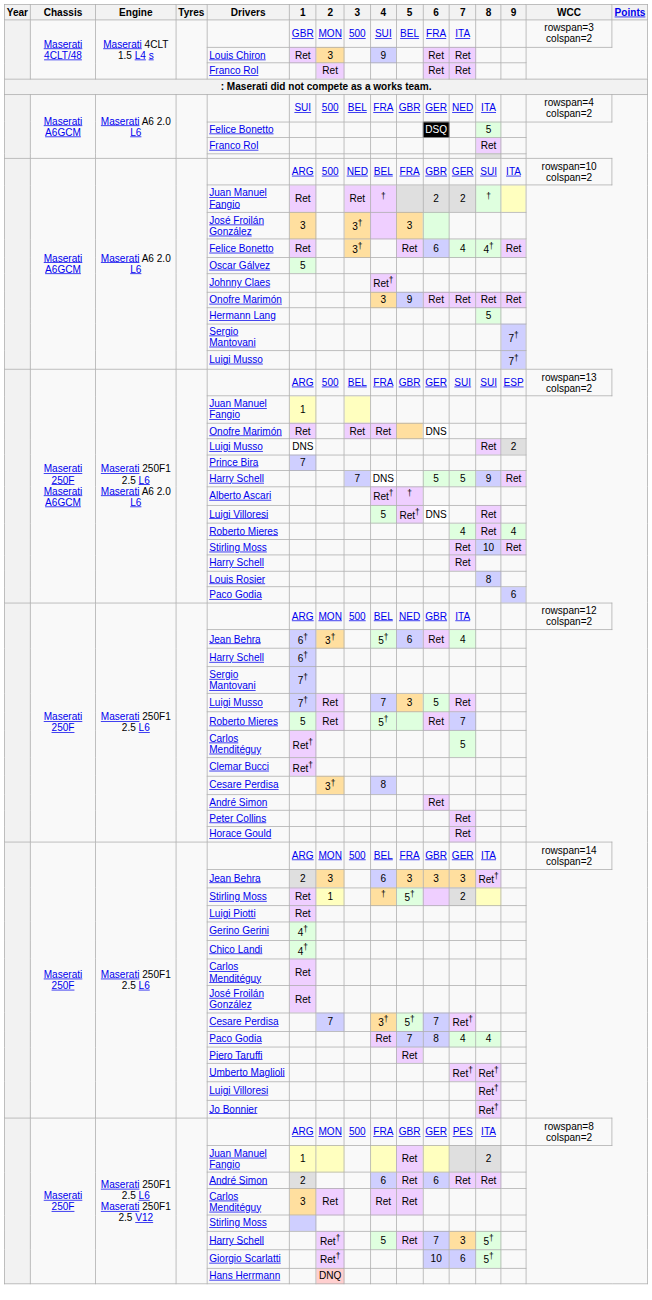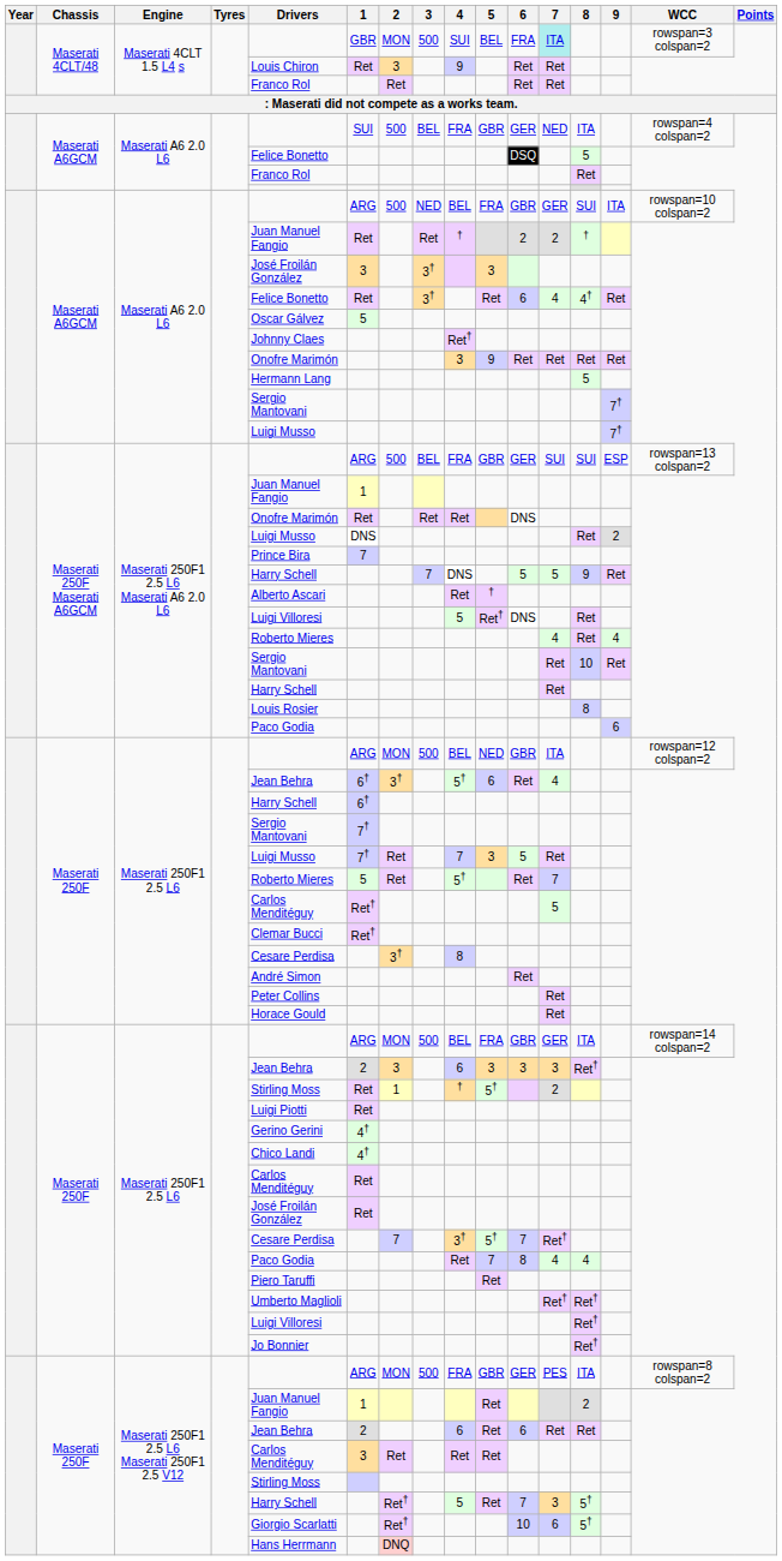 <table class="wikitable" style="text-align:center; font-size:85%">
 <tr>
 <th>Year</th>
 <th>Chassis</th>
 <th>Engine</th>
 <th>Tyres</th>
 <th>Drivers</th>
 <th>1</th>
 <th>2</th>
 <th>3</th>
 <th>4</th>
 <th>5</th>
 <th>6</th>
 <th>7</th>
 <th>8</th>
 <th>9</th>
 <th>WCC</th>
 <th><a href='#'>Points</a></th>
 </tr>
 <tr>
 <th rowspan=3></th>
 <td rowspan=3><a href='#'>Maserati 4CLT/48</a></td>
 <td rowspan=3><a href='#'>Maserati</a> 4CLT 1.5 <a href='#'>L4</a> <a href='#'>s</a></td>
 <td rowspan=3></td>
 <td></td>
 <td><a href='#'>GBR</a></td>
 <td><a href='#'>MON</a></td>
 <td><a href='#'>500</a></td>
 <td><a href='#'>SUI</a></td>
 <td><a href='#'>BEL</a></td>
 <td><a href='#'>FRA</a></td>
-<td><a href='#'>ITA</a></td>
+<td style="background: paleturquoise;"><a href='#'>ITA</a></td>
 <td></td>
 <td></td>
 <td>rowspan=3 colspan=2 </td>
 </tr>
 <tr>
 <td align="left"> <a href='#'>Louis Chiron</a></td>
 <td style="background:#EFCFFF;">Ret</td>
 <td style="background:#FFDF9F;">3</td>
 <td></td>
 <td style="background:#CFCFFF;">9</td>
 <td></td>
 <td style="background:#EFCFFF;">Ret</td>
 <td style="background:#EFCFFF;">Ret</td>
 <td></td>
 <td></td>
 </tr>
 <tr>
 <td align="left"> <a href='#'>Franco Rol</a></td>
 <td></td>
 <td style="background:#EFCFFF;">Ret</td>
 <td></td>
 <td></td>
 <td></td>
 <td style="background:#EFCFFF;">Ret</td>
 <td style="background:#EFCFFF;">Ret</td>
 <td></td>
 <td></td>
 </tr>
 <tr>
 <th colspan="16" align=center>: Maserati did not compete as a works team.</th>
 </tr>
 <tr>
 <th rowspan=4></th>
 <td rowspan=4><a href='#'>Maserati A6GCM</a></td>
 <td rowspan=4><a href='#'>Maserati</a> A6 2.0 <a href='#'>L6</a></td>
 <td rowspan=4></td>
 <td></td>
 <td><a href='#'>SUI</a></td>
 <td><a href='#'>500</a></td>
 <td><a href='#'>BEL</a></td>
 <td><a href='#'>FRA</a></td>
 <td><a href='#'>GBR</a></td>
 <td><a href='#'>GER</a></td>
 <td><a href='#'>NED</a></td>
 <td><a href='#'>ITA</a></td>
 <td></td>
 <td>rowspan=4 colspan=2 </td>
 </tr>
 <tr>
 <td align="left"> <a href='#'>Felice Bonetto</a></td>
 <td></td>
 <td></td>
 <td></td>
 <td></td>
 <td></td>
 <td style="background:#000000; color:#ffffff">DSQ</td>
 <td></td>
 <td style="background:#DFFFDF;">5</td>
 <td></td>
 </tr>
 <tr>
 <td align="left"> <a href='#'>Franco Rol</a></td>
 <td></td>
 <td></td>
 <td></td>
 <td></td>
 <td></td>
 <td></td>
 <td></td>
 <td style="background:#EFCFFF;">Ret</td>
 <td></td>
 </tr>
 <tr>
 <td align="left"></td>
 <td></td>
 <td></td>
 <td></td>
 <td></td>
 <td></td>
 <td></td>
 <td></td>
 <td style="background:#DFDFDF;"></td>
 <td></td>
 </tr>
 <tr>
 <th rowspan=10></th>
 <td rowspan=10><a href='#'>Maserati A6GCM</a></td>
 <td rowspan=10><a href='#'>Maserati</a> A6 2.0 <a href='#'>L6</a></td>
 <td rowspan=10></td>
 <td></td>
 <td><a href='#'>ARG</a></td>
 <td><a href='#'>500</a></td>
 <td><a href='#'>NED</a></td>
 <td><a href='#'>BEL</a></td>
 <td><a href='#'>FRA</a></td>
 <td><a href='#'>GBR</a></td>
 <td><a href='#'>GER</a></td>
 <td><a href='#'>SUI</a></td>
 <td><a href='#'>ITA</a></td>
 <td>rowspan=10 colspan=2 </td>
 </tr>
 <tr>
 <td align="left"> <a href='#'>Juan Manuel Fangio</a></td>
 <td style="background:#EFCFFF;">Ret</td>
 <td></td>
 <td style="background:#EFCFFF;">Ret</td>
 <td style="background:#EFCFFF;"><sup>†</sup></td>
 <td style="background:#DFDFDF;"></td>
 <td style="background:#DFDFDF;">2</td>
 <td style="background:#DFDFDF;">2</td>
 <td style="background:#DFFFDF;"><sup>†</sup></td>
 <td style="background:#FFFFBF;"></td>
 </tr>
 <tr>
 <td align="left"> <a href='#'>José Froilán González</a></td>
 <td style="background:#FFDF9F;">3</td>
 <td></td>
 <td style="background:#FFDF9F;">3<sup>†</sup></td>
 <td style="background:#EFCFFF;"></td>
 <td style="background:#FFDF9F;">3</td>
 <td style="background:#DFFFDF;"></td>
 <td></td>
 <td></td>
 <td></td>
 </tr>
 <tr>
 <td align="left"> <a href='#'>Felice Bonetto</a></td>
 <td style="background:#EFCFFF;">Ret</td>
 <td></td>
 <td style="background:#FFDF9F;">3<sup>†</sup></td>
 <td></td>
 <td style="background:#EFCFFF;">Ret</td>
 <td style="background:#CFCFFF;">6</td>
 <td style="background:#DFFFDF;">4</td>
 <td style="background:#DFFFDF;">4<sup>†</sup></td>
 <td style="background:#EFCFFF;">Ret</td>
 </tr>
 <tr>
 <td align="left"> <a href='#'>Oscar Gálvez</a></td>
 <td style="background:#DFFFDF;">5</td>
 <td></td>
 <td></td>
 <td></td>
 <td></td>
 <td></td>
 <td></td>
 <td></td>
 <td></td>
 </tr>
 <tr>
 <td align="left"> <a href='#'>Johnny Claes</a></td>
 <td></td>
 <td></td>
 <td></td>
 <td style="background:#EFCFFF;">Ret<sup>†</sup></td>
 <td></td>
 <td></td>
 <td></td>
 <td></td>
 <td></td>
 </tr>
 <tr>
 <td align="left"> <a href='#'>Onofre Marimón</a></td>
 <td></td>
 <td></td>
 <td></td>
 <td style="background:#FFDF9F;">3</td>
 <td style="background:#CFCFFF;">9</td>
 <td style="background:#EFCFFF;">Ret</td>
 <td style="background:#EFCFFF;">Ret</td>
 <td style="background:#EFCFFF;">Ret</td>
 <td style="background:#EFCFFF;">Ret</td>
 </tr>
 <tr>
 <td align="left"> <a href='#'>Hermann Lang</a></td>
 <td></td>
 <td></td>
 <td></td>
 <td></td>
 <td></td>
 <td></td>
 <td></td>
 <td style="background:#DFFFDF;">5</td>
 <td></td>
 </tr>
 <tr>
 <td align="left"> <a href='#'>Sergio Mantovani</a></td>
 <td></td>
 <td></td>
 <td></td>
 <td></td>
 <td></td>
 <td></td>
 <td></td>
 <td></td>
 <td style="background:#CFCFFF;">7<sup>†</sup></td>
 </tr>
 <tr>
 <td align="left"> <a href='#'>Luigi Musso</a></td>
 <td></td>
 <td></td>
 <td></td>
 <td></td>
 <td></td>
 <td></td>
 <td></td>
 <td></td>
 <td style="background:#CFCFFF;">7<sup>†</sup></td>
 </tr>
 <tr>
 <th rowspan=13></th>
 <td rowspan=13><a href='#'>Maserati 250F</a><br><a href='#'>Maserati A6GCM</a></td>
 <td rowspan=13><a href='#'>Maserati</a> 250F1 2.5 <a href='#'>L6</a><br><a href='#'>Maserati</a> A6 2.0 <a href='#'>L6</a></td>
 <td rowspan=13></td>
 <td></td>
 <td><a href='#'>ARG</a></td>
 <td><a href='#'>500</a></td>
 <td><a href='#'>BEL</a></td>
 <td><a href='#'>FRA</a></td>
 <td><a href='#'>GBR</a></td>
 <td><a href='#'>GER</a></td>
 <td><a href='#'>SUI</a></td>
 <td><a href='#'>SUI</a></td>
 <td><a href='#'>ESP</a></td>
 <td>rowspan=13 colspan=2 </td>
 </tr>
 <tr>
 <td align="left"> <a href='#'>Juan Manuel Fangio</a></td>
 <td style="background:#FFFFBF;">1</td>
 <td></td>
 <td style="background:#FFFFBF;"></td>
 <td></td>
 <td></td>
 <td></td>
 <td></td>
 <td></td>
 <td></td>
 </tr>
 <tr>
 <td align="left"> <a href='#'>Onofre Marimón</a></td>
 <td style="background:#EFCFFF;">Ret</td>
 <td></td>
 <td style="background:#EFCFFF;">Ret</td>
 <td style="background:#EFCFFF;">Ret</td>
 <td style="background:#FFDF9F;"></td>
 <td style="background:#FFFFFF;">DNS</td>
 <td></td>
 <td></td>
 <td></td>
 </tr>
 <tr>
 <td align="left"> <a href='#'>Luigi Musso</a></td>
 <td style="background:#FFFFFF;">DNS</td>
 <td></td>
 <td></td>
 <td></td>
 <td></td>
 <td></td>
 <td></td>
 <td style="background:#EFCFFF;">Ret</td>
 <td style="background:#DFDFDF;">2</td>
 </tr>
 <tr>
 <td align="left"> <a href='#'>Prince Bira</a></td>
 <td style="background:#CFCFFF;">7</td>
 <td></td>
 <td></td>
 <td></td>
 <td></td>
 <td></td>
 <td></td>
 <td></td>
 <td></td>
 </tr>
 <tr>
 <td align="left"> <a href='#'>Harry Schell</a></td>
 <td></td>
 <td></td>
 <td style="background:#CFCFFF;">7</td>
 <td style="background:#FFFFFF;">DNS</td>
 <td></td>
 <td style="background:#DFFFDF;">5</td>
 <td style="background:#DFFFDF;">5</td>
 <td style="background:#CFCFFF;">9</td>
 <td style="background:#EFCFFF;">Ret</td>
 </tr>
 <tr>
 <td align="left"> <a href='#'>Alberto Ascari</a></td>
 <td></td>
 <td></td>
 <td></td>
-<td style="background:#EFCFFF;">Ret<sup>†</sup></td>
+<td style="background:#EFCFFF;">Ret</td>
 <td style="background:#EFCFFF;"><sup>†</sup></td>
 <td></td>
 <td></td>
 <td></td>
 <td></td>
 </tr>
 <tr>
 <td align="left"> <a href='#'>Luigi Villoresi</a></td>
 <td></td>
 <td></td>
 <td></td>
 <td style="background:#DFFFDF;">5</td>
 <td style="background:#EFCFFF;">Ret<sup>†</sup></td>
 <td style="background:#FFFFFF;">DNS</td>
 <td></td>
 <td style="background:#EFCFFF;">Ret</td>
 <td></td>
 </tr>
 <tr>
 <td align="left"> <a href='#'>Roberto Mieres</a></td>
 <td></td>
 <td></td>
 <td></td>
 <td></td>
 <td></td>
 <td></td>
 <td style="background:#DFFFDF;">4</td>
 <td style="background:#EFCFFF;">Ret</td>
 <td style="background:#DFFFDF;">4</td>
 </tr>
 <tr>
-<td align="left"> <a href='#'>Stirling Moss</a></td>
+<td align="left"> <a href='#'>Sergio Mantovani</a></td>
 <td></td>
 <td></td>
 <td></td>
 <td></td>
 <td></td>
 <td></td>
 <td style="background:#EFCFFF;">Ret</td>
 <td style="background:#CFCFFF;">10</td>
 <td style="background:#EFCFFF;">Ret</td>
 </tr>
 <tr>
 <td align="left"> <a href='#'>Harry Schell</a></td>
 <td></td>
 <td></td>
 <td></td>
 <td></td>
 <td></td>
 <td></td>
 <td style="background:#EFCFFF;">Ret</td>
 <td></td>
 <td></td>
 </tr>
 <tr>
 <td align="left"> <a href='#'>Louis Rosier</a></td>
 <td></td>
 <td></td>
 <td></td>
 <td></td>
 <td></td>
 <td></td>
 <td></td>
 <td style="background:#CFCFFF;">8</td>
 <td></td>
 </tr>
 <tr>
 <td align="left"> <a href='#'>Paco Godia</a></td>
 <td></td>
 <td></td>
 <td></td>
 <td></td>
 <td></td>
 <td></td>
 <td></td>
 <td></td>
 <td style="background:#CFCFFF;">6</td>
 </tr>
 <tr>
 <th rowspan=12></th>
 <td rowspan=12><a href='#'>Maserati 250F</a></td>
 <td rowspan=12><a href='#'>Maserati</a> 250F1 2.5 <a href='#'>L6</a></td>
 <td rowspan=12></td>
 <td></td>
 <td><a href='#'>ARG</a></td>
 <td><a href='#'>MON</a></td>
 <td><a href='#'>500</a></td>
 <td><a href='#'>BEL</a></td>
 <td><a href='#'>NED</a></td>
 <td><a href='#'>GBR</a></td>
 <td><a href='#'>ITA</a></td>
 <td></td>
 <td></td>
 <td>rowspan=12 colspan=2 </td>
 </tr>
 <tr>
 <td align="left"> <a href='#'>Jean Behra</a></td>
 <td style="background:#CFCFFF;">6<sup>†</sup></td>
 <td style="background:#FFDF9F;">3<sup>†</sup></td>
 <td></td>
 <td style="background:#DFFFDF;">5<sup>†</sup></td>
 <td style="background:#CFCFFF;">6</td>
 <td style="background:#EFCFFF;">Ret</td>
 <td style="background:#DFFFDF;">4</td>
 <td></td>
 <td></td>
 </tr>
 <tr>
 <td align="left"> <a href='#'>Harry Schell</a></td>
 <td style="background:#CFCFFF;">6<sup>†</sup></td>
 <td></td>
 <td></td>
 <td></td>
 <td></td>
 <td></td>
 <td></td>
 <td></td>
 <td></td>
 </tr>
 <tr>
 <td align="left"> <a href='#'>Sergio Mantovani</a></td>
 <td style="background:#CFCFFF;">7<sup>†</sup></td>
 <td></td>
 <td></td>
 <td></td>
 <td></td>
 <td></td>
 <td></td>
 <td></td>
 <td></td>
 </tr>
 <tr>
 <td align="left"> <a href='#'>Luigi Musso</a></td>
 <td style="background:#CFCFFF;">7<sup>†</sup></td>
 <td style="background:#EFCFFF;">Ret</td>
 <td></td>
 <td style="background:#CFCFFF;">7</td>
 <td style="background:#FFDF9F;">3</td>
 <td style="background:#DFFFDF;">5</td>
 <td style="background:#EFCFFF;">Ret</td>
 <td></td>
 <td></td>
 </tr>
 <tr>
 <td align="left"> <a href='#'>Roberto Mieres</a></td>
 <td style="background:#DFFFDF;">5</td>
 <td style="background:#EFCFFF;">Ret</td>
 <td></td>
 <td style="background:#DFFFDF;">5<sup>†</sup></td>
 <td style="background:#DFFFDF;"></td>
 <td style="background:#EFCFFF;">Ret</td>
 <td style="background:#CFCFFF;">7</td>
 <td></td>
 <td></td>
 </tr>
 <tr>
 <td align="left"> <a href='#'>Carlos Menditéguy</a></td>
 <td style="background:#EFCFFF;">Ret<sup>†</sup></td>
 <td></td>
 <td></td>
 <td></td>
 <td></td>
 <td></td>
 <td style="background:#DFFFDF;">5</td>
 <td></td>
 <td></td>
 </tr>
 <tr>
 <td align="left"> <a href='#'>Clemar Bucci</a></td>
 <td style="background:#EFCFFF;">Ret<sup>†</sup></td>
 <td></td>
 <td></td>
 <td></td>
 <td></td>
 <td></td>
 <td></td>
 <td></td>
 <td></td>
 </tr>
 <tr>
 <td align="left"> <a href='#'>Cesare Perdisa</a></td>
 <td></td>
 <td style="background:#FFDF9F;">3<sup>†</sup></td>
 <td></td>
 <td style="background:#CFCFFF;">8</td>
 <td></td>
 <td></td>
 <td></td>
 <td></td>
 <td></td>
 </tr>
 <tr>
 <td align="left"> <a href='#'>André Simon</a></td>
 <td></td>
 <td></td>
 <td></td>
 <td></td>
 <td></td>
 <td style="background:#EFCFFF;">Ret</td>
 <td></td>
 <td></td>
 <td></td>
 </tr>
 <tr>
 <td align="left"> <a href='#'>Peter Collins</a></td>
 <td></td>
 <td></td>
 <td></td>
 <td></td>
 <td></td>
 <td></td>
 <td style="background:#EFCFFF;">Ret</td>
 <td></td>
 <td></td>
 </tr>
 <tr>
 <td align="left"> <a href='#'>Horace Gould</a></td>
 <td></td>
 <td></td>
 <td></td>
 <td></td>
 <td></td>
 <td></td>
 <td style="background:#EFCFFF;">Ret</td>
 <td></td>
 <td></td>
 </tr>
 <tr>
 <th rowspan=14></th>
 <td rowspan=14><a href='#'>Maserati 250F</a></td>
 <td rowspan=14><a href='#'>Maserati</a> 250F1 2.5 <a href='#'>L6</a></td>
 <td rowspan=14></td>
 <td></td>
 <td><a href='#'>ARG</a></td>
 <td><a href='#'>MON</a></td>
 <td><a href='#'>500</a></td>
 <td><a href='#'>BEL</a></td>
 <td><a href='#'>FRA</a></td>
 <td><a href='#'>GBR</a></td>
 <td><a href='#'>GER</a></td>
 <td><a href='#'>ITA</a></td>
 <td></td>
 <td>rowspan=14 colspan=2 </td>
 </tr>
 <tr>
 <td align="left"> <a href='#'>Jean Behra</a></td>
 <td style="background:#DFDFDF;">2</td>
 <td style="background:#FFDF9F;">3</td>
 <td></td>
 <td style="background:#CFCFFF;">6</td>
 <td style="background:#FFDF9F;">3</td>
 <td style="background:#FFDF9F;">3</td>
 <td style="background:#FFDF9F;">3</td>
 <td style="background:#EFCFFF;">Ret<sup>†</sup></td>
 <td></td>
 </tr>
 <tr>
 <td align="left"> <a href='#'>Stirling Moss</a></td>
 <td style="background:#EFCFFF;">Ret</td>
 <td style="background:#FFFFBF;">1</td>
 <td></td>
 <td style="background:#FFDF9F;"><sup>†</sup></td>
 <td style="background:#DFFFDF;">5<sup>†</sup></td>
 <td style="background:#EFCFFF;"></td>
 <td style="background:#DFDFDF;">2</td>
 <td style="background:#FFFFBF;"></td>
 <td></td>
 </tr>
 <tr>
 <td align="left"> <a href='#'>Luigi Piotti</a></td>
 <td style="background:#EFCFFF;">Ret</td>
 <td></td>
 <td></td>
 <td></td>
 <td></td>
 <td></td>
 <td></td>
 <td></td>
 <td></td>
 </tr>
 <tr>
 <td align="left"> <a href='#'>Gerino Gerini</a></td>
 <td style="background:#DFFFDF;">4<sup>†</sup></td>
 <td></td>
 <td></td>
 <td></td>
 <td></td>
 <td></td>
 <td></td>
 <td></td>
 <td></td>
 </tr>
 <tr>
 <td align="left"> <a href='#'>Chico Landi</a></td>
 <td style="background:#DFFFDF;">4<sup>†</sup></td>
 <td></td>
 <td></td>
 <td></td>
 <td></td>
 <td></td>
 <td></td>
 <td></td>
 <td></td>
 </tr>
 <tr>
 <td align="left"> <a href='#'>Carlos Menditéguy</a></td>
 <td style="background:#EFCFFF;">Ret</td>
 <td></td>
 <td></td>
 <td></td>
 <td></td>
 <td></td>
 <td></td>
 <td></td>
 <td></td>
 </tr>
 <tr>
 <td align="left"> <a href='#'>José Froilán González</a></td>
 <td style="background:#EFCFFF;">Ret</td>
 <td></td>
 <td></td>
 <td></td>
 <td></td>
 <td></td>
 <td></td>
 <td></td>
 <td></td>
 </tr>
 <tr>
 <td align="left"> <a href='#'>Cesare Perdisa</a></td>
 <td></td>
 <td style="background:#CFCFFF;">7</td>
 <td></td>
 <td style="background:#FFDF9F;">3<sup>†</sup></td>
 <td style="background:#DFFFDF;">5<sup>†</sup></td>
 <td style="background:#CFCFFF;">7</td>
 <td style="background:#EFCFFF;">Ret<sup>†</sup></td>
 <td></td>
 <td></td>
 </tr>
 <tr>
 <td align="left"> <a href='#'>Paco Godia</a></td>
 <td></td>
 <td></td>
 <td></td>
 <td style="background:#EFCFFF;">Ret</td>
 <td style="background:#CFCFFF;">7</td>
 <td style="background:#CFCFFF;">8</td>
 <td style="background:#DFFFDF;">4</td>
 <td style="background:#DFFFDF;">4</td>
 <td></td>
 </tr>
 <tr>
 <td align="left"> <a href='#'>Piero Taruffi</a></td>
 <td></td>
 <td></td>
 <td></td>
 <td></td>
 <td style="background:#EFCFFF;">Ret</td>
 <td></td>
 <td></td>
 <td></td>
 <td></td>
 </tr>
 <tr>
 <td align="left"> <a href='#'>Umberto Maglioli</a></td>
 <td></td>
 <td></td>
 <td></td>
 <td></td>
 <td></td>
 <td></td>
 <td style="background:#EFCFFF;">Ret<sup>†</sup></td>
 <td style="background:#EFCFFF;">Ret<sup>†</sup></td>
 <td></td>
 </tr>
 <tr>
 <td align="left"> <a href='#'>Luigi Villoresi</a></td>
 <td></td>
 <td></td>
 <td></td>
 <td></td>
 <td></td>
 <td></td>
 <td></td>
 <td style="background:#EFCFFF;">Ret<sup>†</sup></td>
 <td></td>
 </tr>
 <tr>
 <td align="left"> <a href='#'>Jo Bonnier</a></td>
 <td></td>
 <td></td>
 <td></td>
 <td></td>
 <td></td>
 <td></td>
 <td></td>
 <td style="background:#EFCFFF;">Ret<sup>†</sup></td>
 <td></td>
 </tr>
 <tr>
 <th rowspan=8></th>
 <td rowspan=8><a href='#'>Maserati 250F</a></td>
 <td rowspan=8><a href='#'>Maserati</a> 250F1 2.5 <a href='#'>L6</a><br><a href='#'>Maserati</a> 250F1 2.5 <a href='#'>V12</a></td>
 <td rowspan=8></td>
 <td></td>
 <td><a href='#'>ARG</a></td>
 <td><a href='#'>MON</a></td>
 <td><a href='#'>500</a></td>
 <td><a href='#'>FRA</a></td>
 <td><a href='#'>GBR</a></td>
 <td><a href='#'>GER</a></td>
 <td><a href='#'>PES</a></td>
 <td><a href='#'>ITA</a></td>
 <td></td>
 <td>rowspan=8 colspan=2 </td>
 </tr>
 <tr>
 <td align="left"> <a href='#'>Juan Manuel Fangio</a></td>
 <td style="background:#FFFFBF;">1</td>
 <td style="background:#FFFFBF;"></td>
 <td></td>
 <td style="background:#FFFFBF;"></td>
 <td style="background:#EFCFFF;">Ret</td>
 <td style="background:#FFFFBF;"></td>
 <td style="background:#DFDFDF;"></td>
 <td style="background:#DFDFDF;">2</td>
 <td></td>
 </tr>
 <tr>
-<td align="left"> <a href='#'>André Simon</a></td>
+<td align="left"> <a href='#'>Jean Behra</a></td>
 <td style="background:#DFDFDF;">2</td>
 <td></td>
 <td></td>
 <td style="background:#CFCFFF;">6</td>
 <td style="background:#EFCFFF;">Ret</td>
 <td style="background:#CFCFFF;">6</td>
 <td style="background:#EFCFFF;">Ret</td>
 <td style="background:#EFCFFF;">Ret</td>
 <td></td>
 </tr>
 <tr>
 <td align="left"> <a href='#'>Carlos Menditéguy</a></td>
 <td style="background:#FFDF9F;">3</td>
 <td style="background:#EFCFFF;">Ret</td>
 <td></td>
 <td style="background:#EFCFFF;">Ret</td>
 <td style="background:#EFCFFF;">Ret</td>
 <td></td>
 <td></td>
 <td></td>
 <td></td>
 </tr>
 <tr>
 <td align="left"> <a href='#'>Stirling Moss</a></td>
 <td style="background:#CFCFFF;"></td>
 <td></td>
 <td></td>
 <td></td>
 <td></td>
 <td></td>
 <td></td>
 <td></td>
 <td></td>
 </tr>
 <tr>
 <td align="left"> <a href='#'>Harry Schell</a></td>
 <td></td>
 <td style="background:#EFCFFF;">Ret<sup>†</sup></td>
 <td></td>
 <td style="background:#DFFFDF;">5</td>
 <td style="background:#EFCFFF;">Ret</td>
 <td style="background:#CFCFFF;">7</td>
 <td style="background:#FFDF9F;">3</td>
 <td style="background:#DFFFDF;">5<sup>†</sup></td>
 <td></td>
 </tr>
 <tr>
 <td align="left"> <a href='#'>Giorgio Scarlatti</a></td>
 <td></td>
 <td style="background:#EFCFFF;">Ret<sup>†</sup></td>
 <td></td>
 <td></td>
 <td></td>
 <td style="background:#CFCFFF;">10</td>
 <td style="background:#CFCFFF;">6</td>
 <td style="background:#DFFFDF;">5<sup>†</sup></td>
 <td></td>
 </tr>
 <tr>
 <td align="left"> <a href='#'>Hans Herrmann</a></td>
 <td></td>
 <td style="background:#FFCFCF;">DNQ</td>
 <td></td>
 <td></td>
 <td></td>
 <td></td>
 <td></td>
 <td></td>
 <td></td>
 </tr>
 </table>
